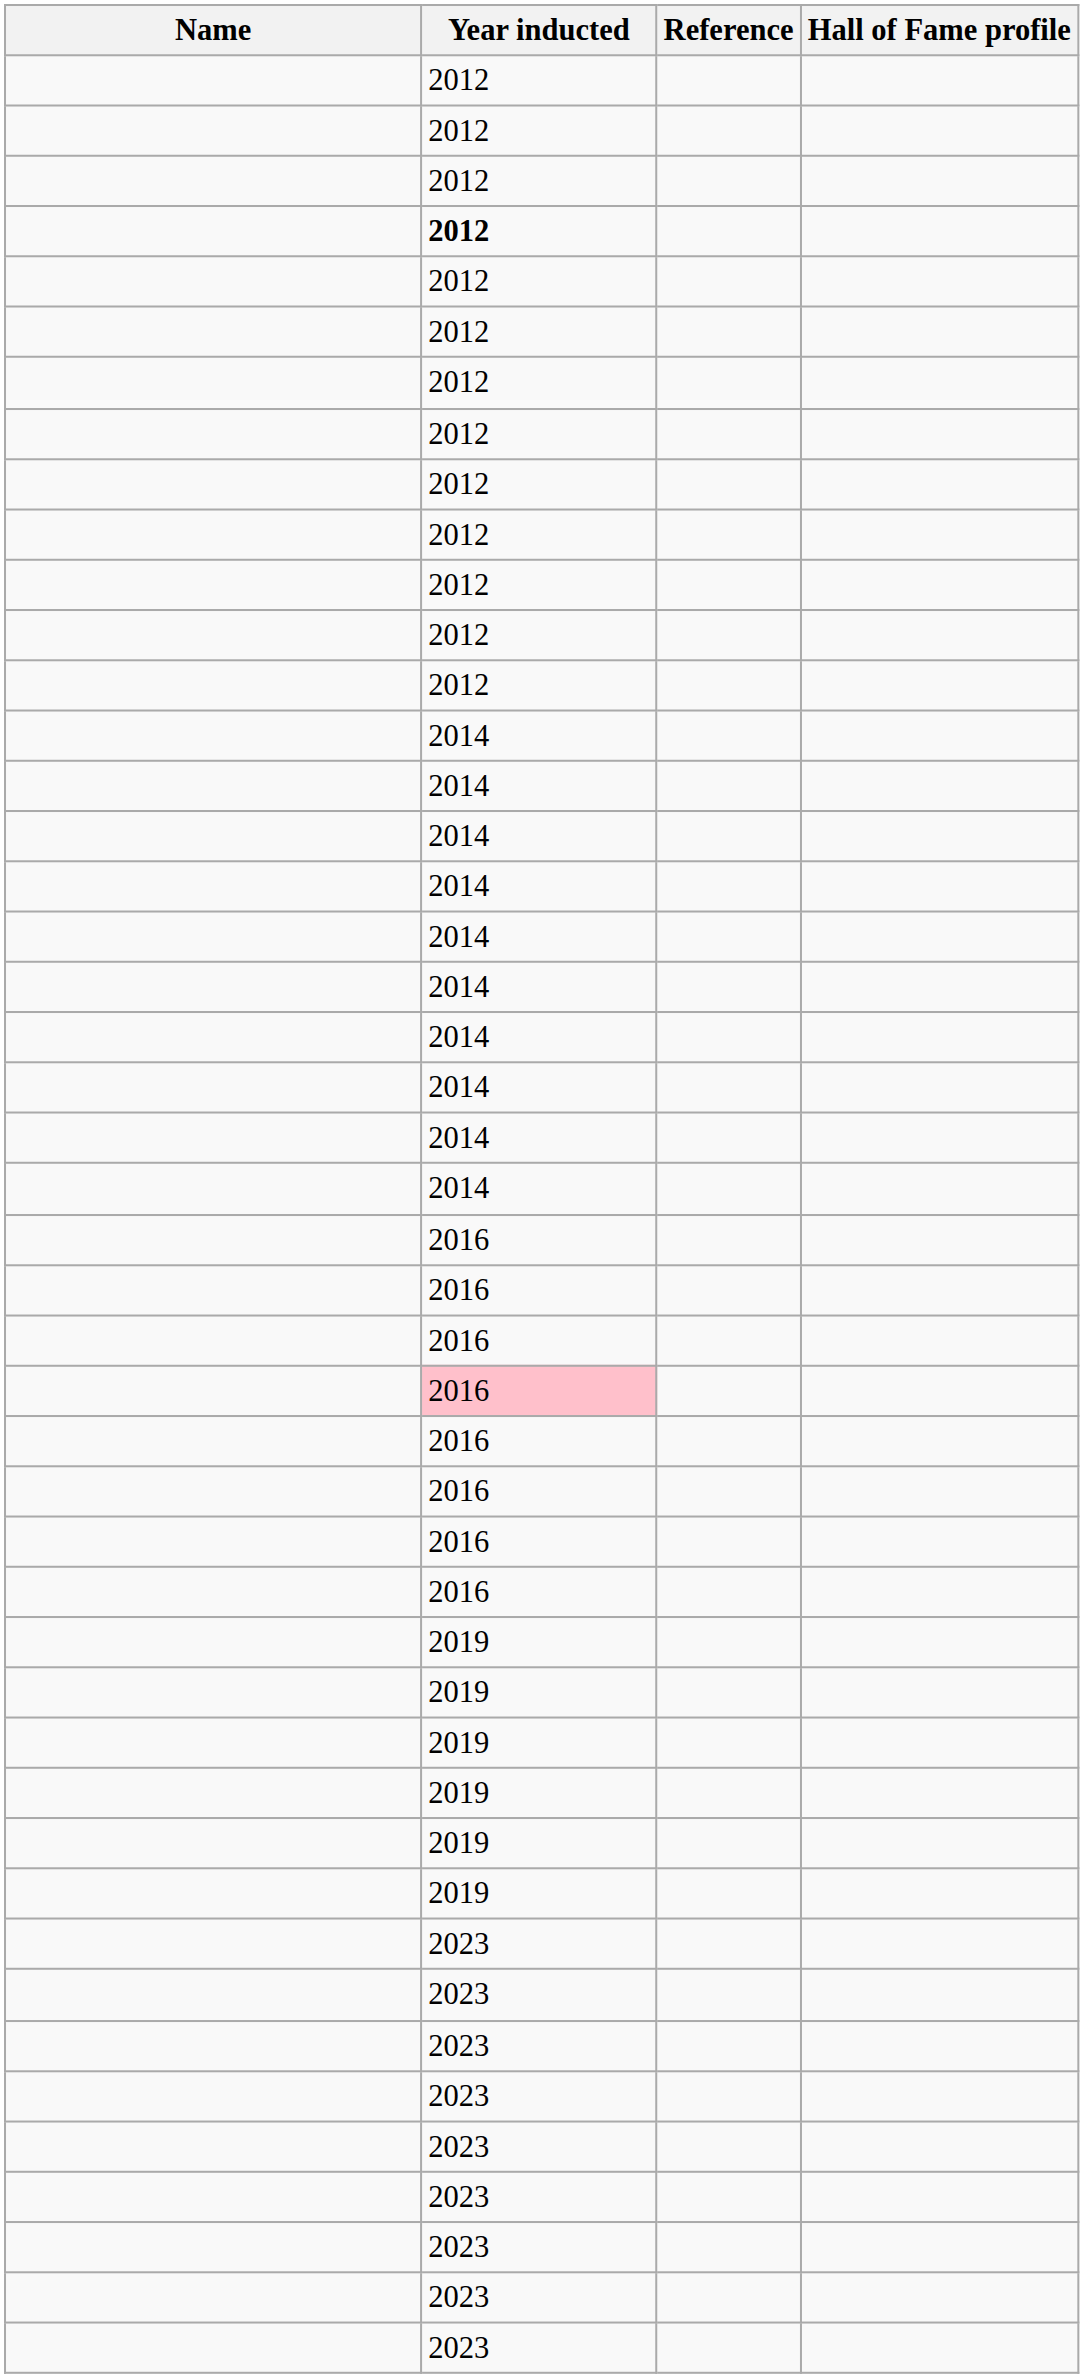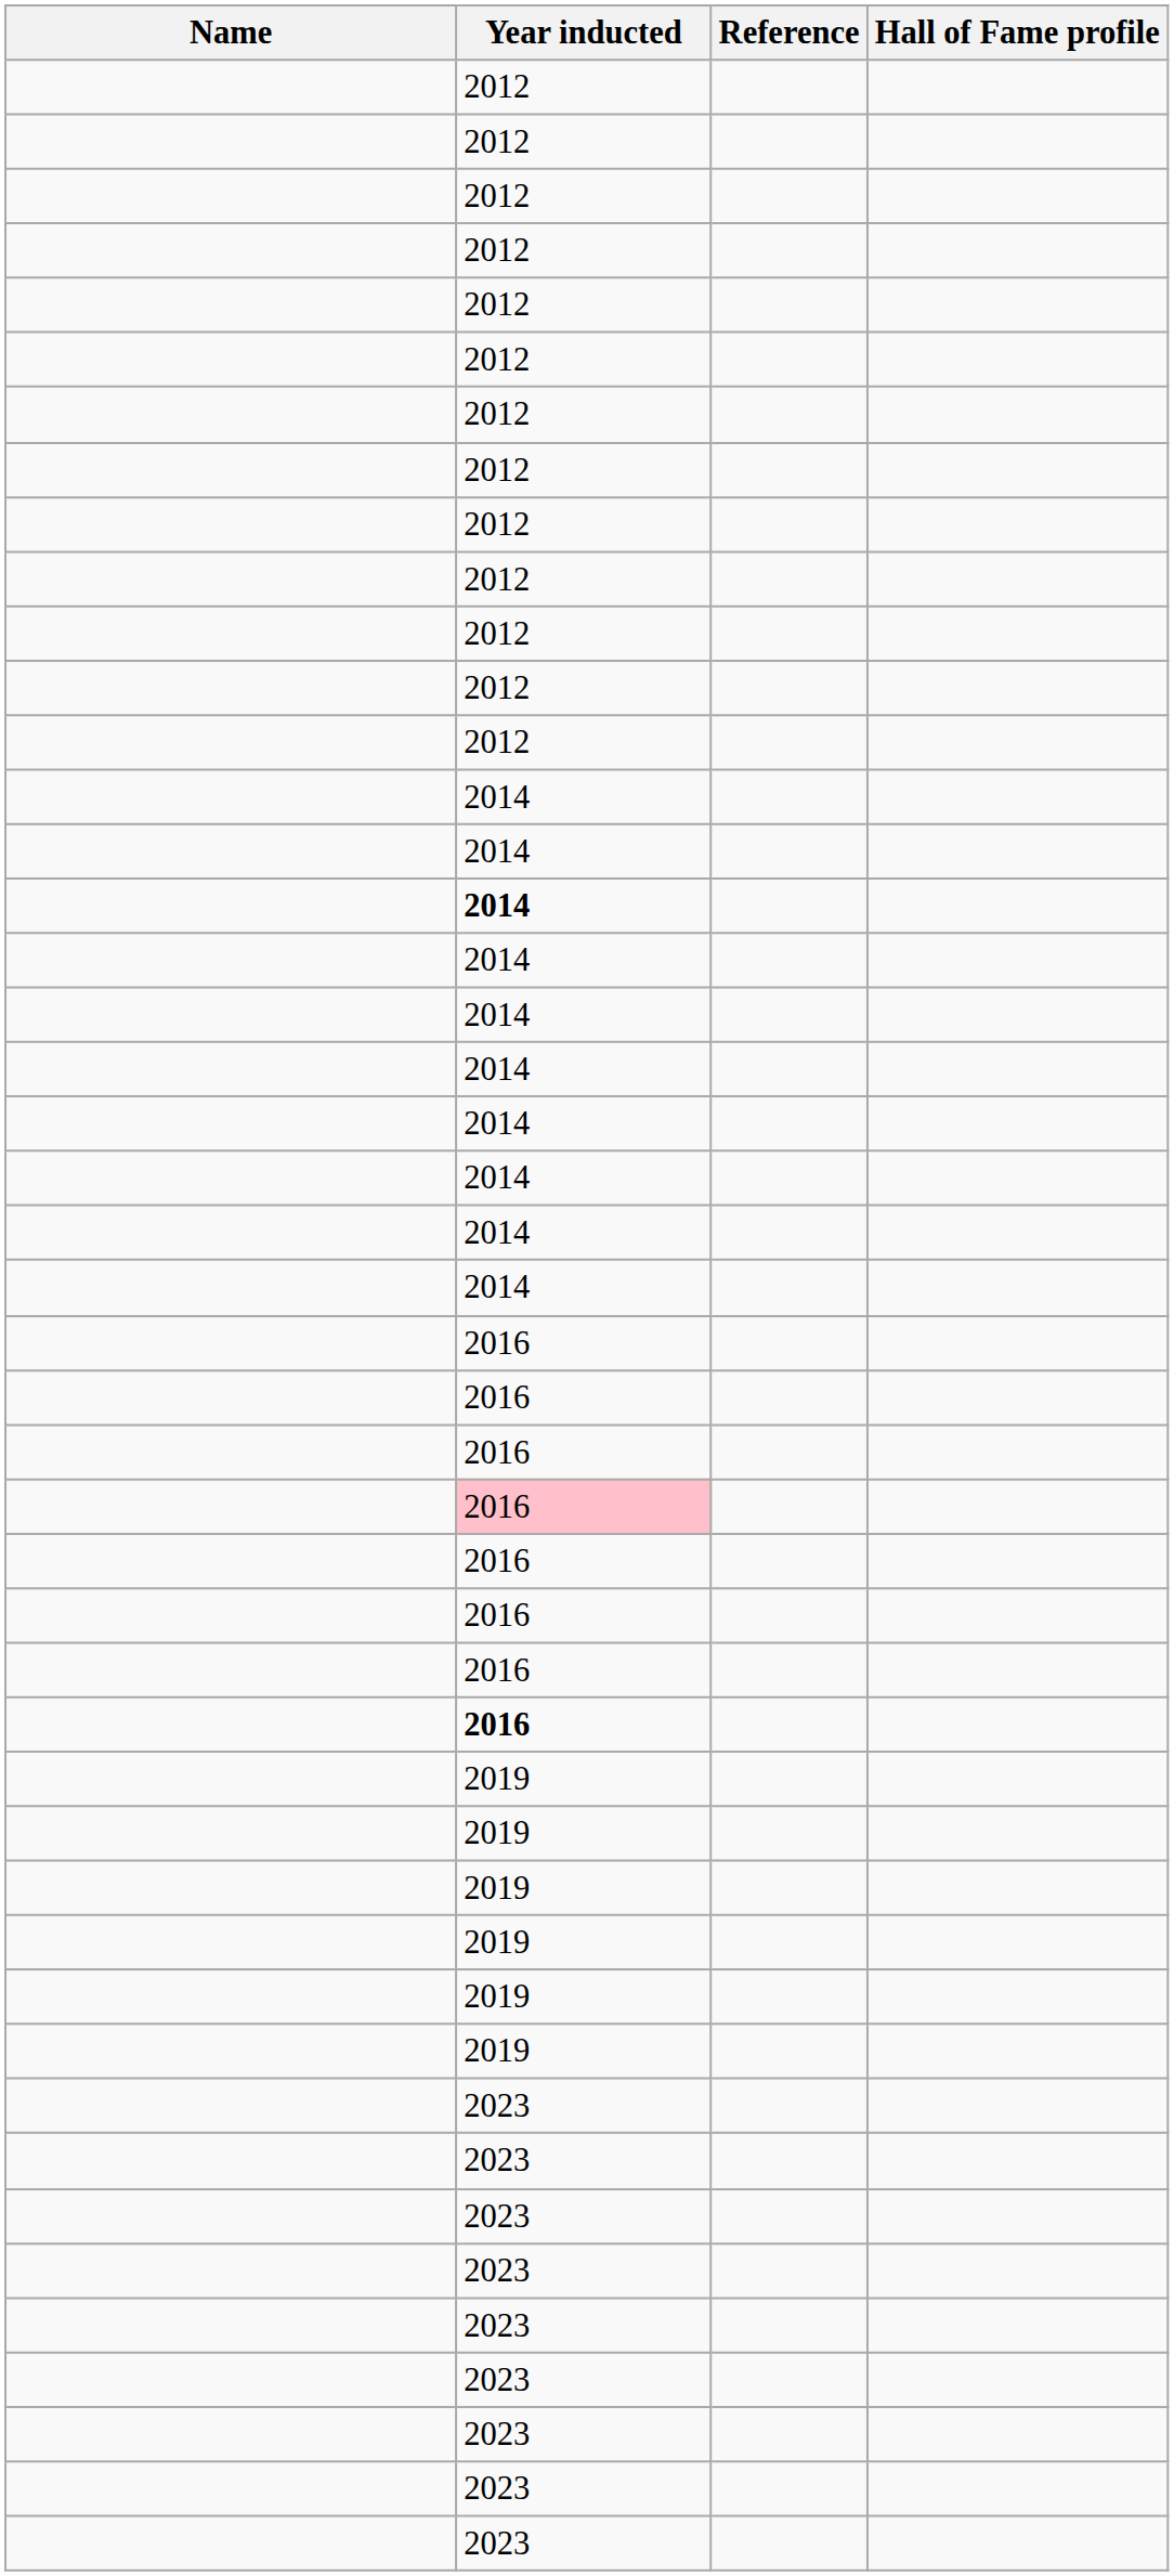 <table class="wikitable plainrowheaders sortable" style="font-size:95%">
 <tr>
 <th scope="col" style="width:200px;"><strong>Name</strong></th>
 <th scope="col" style="width:110px;"><strong>Year inducted</strong></th>
 <th><strong>Reference</strong></th>
 <th><strong>Hall of Fame profile</strong></th>
 </tr>
 <tr>
 <td></td>
 <td>2012</td>
 <td></td>
 <td></td>
 </tr>
 <tr>
 <td></td>
 <td>2012</td>
 <td></td>
 <td></td>
 </tr>
 <tr>
 <td></td>
 <td>2012</td>
 <td></td>
 <td></td>
 </tr>
 <tr>
 <td></td>
-<td><strong>2012</strong></td>
+<td>2012</td>
 <td></td>
 <td></td>
 </tr>
 <tr>
 <td></td>
 <td>2012</td>
 <td></td>
 <td></td>
 </tr>
 <tr>
 <td></td>
 <td>2012</td>
 <td></td>
 <td></td>
 </tr>
 <tr>
 <td></td>
 <td>2012</td>
 <td></td>
 <td></td>
 </tr>
 <tr>
 <td></td>
 <td>2012</td>
 <td></td>
 <td></td>
 </tr>
 <tr>
 <td></td>
 <td>2012</td>
 <td></td>
 <td></td>
 </tr>
 <tr>
 <td></td>
 <td>2012</td>
 <td></td>
 <td></td>
 </tr>
 <tr>
 <td></td>
 <td>2012</td>
 <td></td>
 <td></td>
 </tr>
 <tr>
 <td></td>
 <td>2012</td>
 <td></td>
 <td></td>
 </tr>
 <tr>
 <td></td>
 <td>2012</td>
 <td></td>
 <td></td>
 </tr>
 <tr>
 <td></td>
 <td>2014</td>
 <td></td>
 <td></td>
 </tr>
 <tr>
 <td></td>
 <td>2014</td>
 <td></td>
 <td></td>
 </tr>
 <tr>
 <td></td>
-<td>2014</td>
+<td><strong>2014</strong></td>
 <td></td>
 <td></td>
 </tr>
 <tr>
 <td></td>
 <td>2014</td>
 <td></td>
 <td></td>
 </tr>
 <tr>
 <td></td>
 <td>2014</td>
 <td></td>
 <td></td>
 </tr>
 <tr>
 <td></td>
 <td>2014</td>
 <td></td>
 <td></td>
 </tr>
 <tr>
 <td></td>
 <td>2014</td>
 <td></td>
 <td></td>
 </tr>
 <tr>
 <td></td>
 <td>2014</td>
 <td></td>
 <td></td>
 </tr>
 <tr>
 <td></td>
 <td>2014</td>
 <td></td>
 <td></td>
 </tr>
 <tr>
 <td></td>
 <td>2014</td>
 <td></td>
 <td></td>
 </tr>
 <tr>
 <td></td>
 <td>2016</td>
 <td></td>
 <td></td>
 </tr>
 <tr>
 <td></td>
 <td>2016</td>
 <td></td>
 <td></td>
 </tr>
 <tr>
 <td></td>
 <td>2016</td>
 <td></td>
 <td></td>
 </tr>
 <tr>
 <td></td>
 <td style="background: pink;">2016</td>
 <td></td>
 <td></td>
 </tr>
 <tr>
 <td></td>
 <td>2016</td>
 <td></td>
 <td></td>
 </tr>
 <tr>
 <td></td>
 <td>2016</td>
 <td></td>
 <td></td>
 </tr>
 <tr>
 <td></td>
 <td>2016</td>
 <td></td>
 <td></td>
 </tr>
 <tr>
 <td></td>
-<td>2016</td>
+<td><strong>2016</strong></td>
 <td></td>
 <td></td>
 </tr>
 <tr>
 <td></td>
 <td>2019</td>
 <td></td>
 <td></td>
 </tr>
 <tr>
 <td></td>
 <td>2019</td>
 <td></td>
 <td></td>
 </tr>
 <tr>
 <td></td>
 <td>2019</td>
 <td></td>
 <td></td>
 </tr>
 <tr>
 <td></td>
 <td>2019</td>
 <td></td>
 <td></td>
 </tr>
 <tr>
 <td></td>
 <td>2019</td>
 <td></td>
 <td></td>
 </tr>
 <tr>
 <td></td>
 <td>2019</td>
 <td></td>
 <td></td>
 </tr>
 <tr>
 <td></td>
 <td>2023</td>
 <td></td>
 <td></td>
 </tr>
 <tr>
 <td></td>
 <td>2023</td>
 <td></td>
 <td></td>
 </tr>
 <tr>
 <td></td>
 <td>2023</td>
 <td></td>
 <td></td>
 </tr>
 <tr>
 <td></td>
 <td>2023</td>
 <td></td>
 <td></td>
 </tr>
 <tr>
 <td></td>
 <td>2023</td>
 <td></td>
 <td></td>
 </tr>
 <tr>
 <td></td>
 <td>2023</td>
 <td></td>
 <td></td>
 </tr>
 <tr>
 <td></td>
 <td>2023</td>
 <td></td>
 <td></td>
 </tr>
 <tr>
 <td></td>
 <td>2023</td>
 <td></td>
 <td></td>
 </tr>
 <tr>
 <td></td>
 <td>2023</td>
 <td></td>
 <td></td>
 </tr>
 </table>
